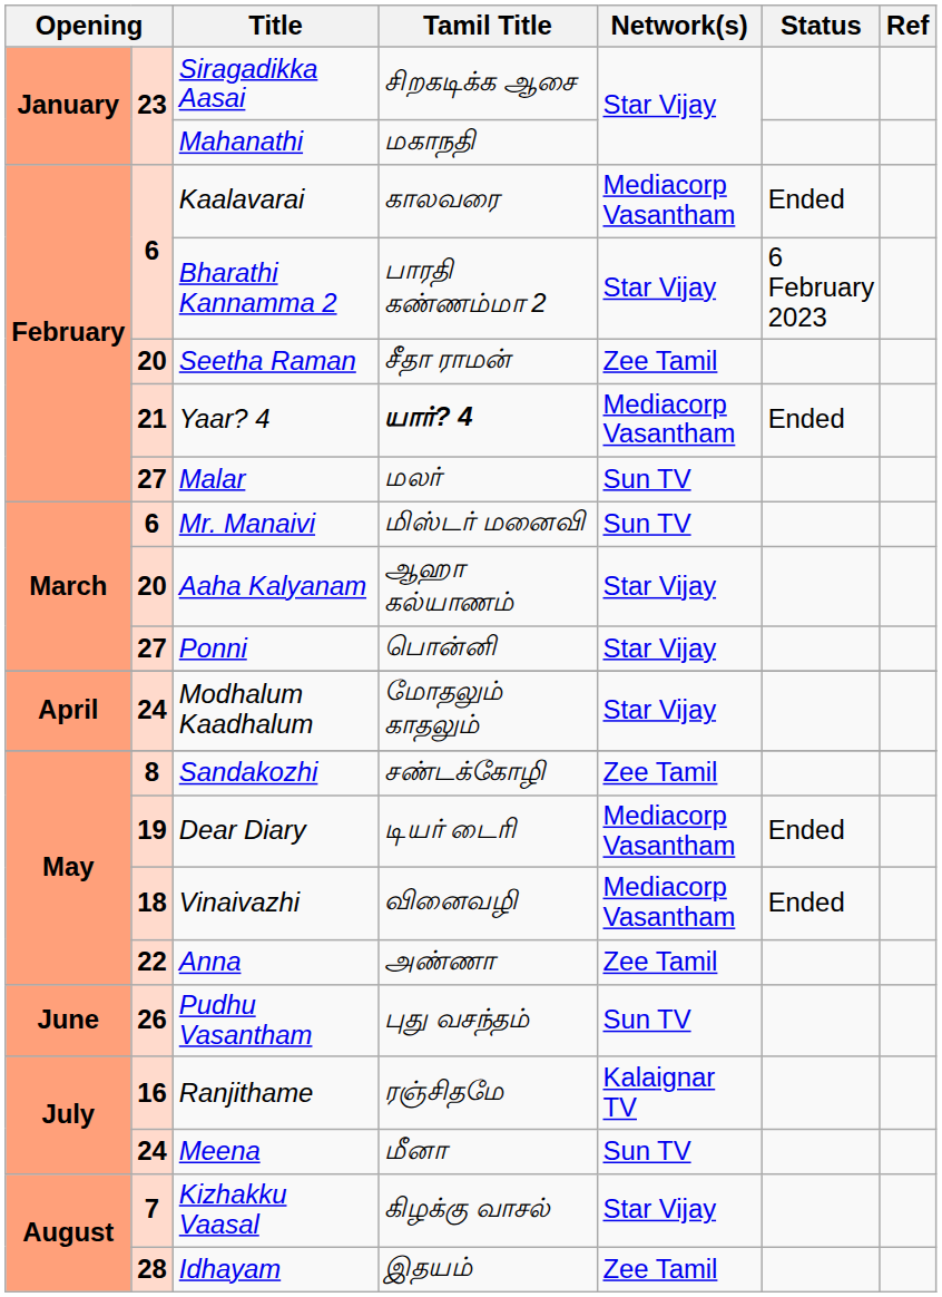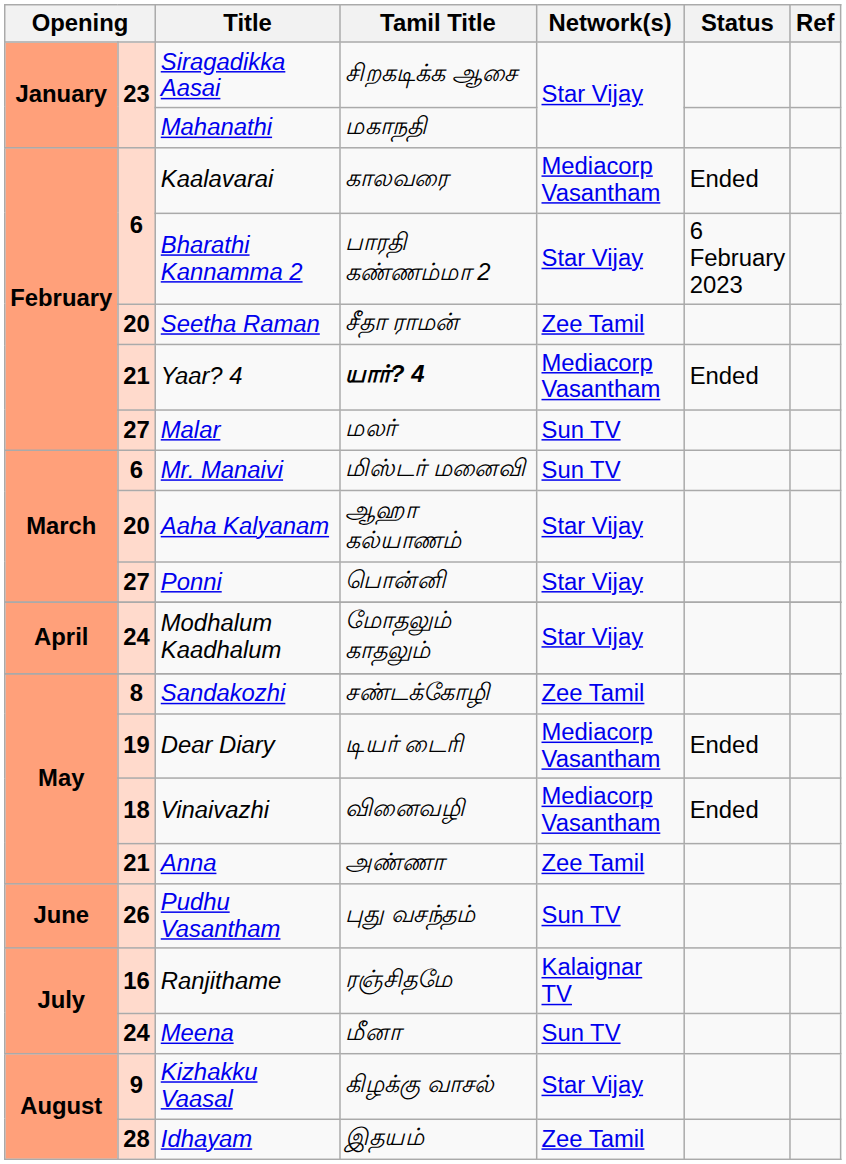 <table class="wikitable" width="90%">
 <tr>
 <th colspan="2">Opening</th>
 <th style="width:30%;">Title</th>
 <th style="width:30%;">Tamil Title</th>
 <th style="width:20%;">Network(s)</th>
 <th style="width:10%;">Status</th>
 <th>Ref</th>
 </tr>
 <tr>
 <td rowspan="2" style="text-align:center;background:#ffa07a;textcolor:#000;"><strong>January</strong></td>
 <td rowspan="2" style="text-align:center; background:#ffdacc;"><strong>23</strong></td>
 <td><em><a href='#'>Siragadikka Aasai</a></em></td>
 <td><em>சிறகடிக்க ஆசை</em></td>
 <td rowspan="2"><a href='#'>Star Vijay</a></td>
 <td></td>
 <td></td>
 </tr>
 <tr>
 <td><em><a href='#'>Mahanathi</a></em></td>
 <td><em>மகாநதி</em></td>
 <td></td>
 <td></td>
 </tr>
 <tr>
 <td rowspan="5" style="text-align:center;background:#ffa07a;textcolor:#000;"><strong>February</strong></td>
 <td rowspan="2" style="text-align:center; background:#ffdacc;"><strong>6</strong></td>
 <td><em>Kaalavarai</em></td>
 <td><em>காலவரை</em></td>
 <td><a href='#'>Mediacorp Vasantham</a></td>
 <td>Ended</td>
 <td></td>
 </tr>
 <tr>
 <td><em><a href='#'>Bharathi Kannamma 2</a></em></td>
 <td><em>பாரதி கண்ணம்மா 2</em></td>
 <td><a href='#'>Star Vijay</a></td>
 <td>6 February 2023</td>
 <td></td>
 </tr>
 <tr>
 <td rowspan="1"  style="text-align:center; background:#ffdacc;"><strong>20</strong></td>
 <td><em><a href='#'>Seetha Raman</a></em></td>
 <td><em>சீதா ராமன்</em></td>
 <td><a href='#'>Zee Tamil</a></td>
 <td></td>
 <td></td>
 </tr>
 <tr>
 <td rowspan="1"  style="text-align:center; background:#ffdacc;"><strong>21</strong></td>
 <td><em>Yaar? 4</em></td>
 <td><strong><em>யார்? 4</em></strong></td>
 <td><a href='#'>Mediacorp Vasantham</a></td>
 <td>Ended</td>
 <td></td>
 </tr>
 <tr>
 <td rowspan="1"  style="text-align:center; background:#ffdacc;"><strong>27</strong></td>
 <td><em><a href='#'>Malar</a></em></td>
 <td><em>மலர்</em></td>
 <td><a href='#'>Sun TV</a></td>
 <td></td>
 <td></td>
 </tr>
 <tr>
 <td rowspan="3" style="text-align:center;background:#ffa07a;textcolor:#000;"><strong>March</strong></td>
 <td rowspan="1"  style="text-align:center; background:#ffdacc;"><strong>6</strong></td>
 <td><em><a href='#'>Mr. Manaivi</a></em></td>
 <td><em>மிஸ்டர் மனைவி</em></td>
 <td><a href='#'>Sun TV</a></td>
 <td></td>
 <td></td>
 </tr>
 <tr>
 <td rowspan="1"  style="text-align:center; background:#ffdacc;"><strong>20</strong></td>
 <td><em><a href='#'>Aaha Kalyanam</a></em></td>
 <td><em>ஆஹா கல்யாணம்</em></td>
 <td><a href='#'>Star Vijay</a></td>
 <td></td>
 <td></td>
 </tr>
 <tr>
 <td rowspan="1"  style="text-align:center; background:#ffdacc;"><strong>27</strong></td>
 <td><em><a href='#'>Ponni</a></em></td>
 <td><em>பொன்னி</em></td>
 <td><a href='#'>Star Vijay</a></td>
 <td></td>
 <td></td>
 </tr>
 <tr>
 </tr>
 <tr>
 <td rowspan="1" style="text-align:center;background:#ffa07a;textcolor:#000;"><strong>April</strong></td>
 <td rowspan="1"  style="text-align:center; background:#ffdacc;"><strong>24</strong></td>
 <td><em>Modhalum Kaadhalum</em></td>
 <td><em>மோதலும் காதலும்</em></td>
 <td><a href='#'>Star Vijay</a></td>
 <td></td>
 <td></td>
 </tr>
 <tr>
 </tr>
 <tr>
 <td rowspan="4" style="text-align:center;background:#ffa07a;textcolor:#000;"><strong>May</strong></td>
 <td style="text-align:center; background:#ffdacc;"><strong>8</strong></td>
 <td><em><a href='#'>Sandakozhi</a></em></td>
 <td><em>சண்டக்கோழி</em></td>
 <td><a href='#'>Zee Tamil</a></td>
 <td></td>
 <td></td>
 </tr>
 <tr>
 <td style="text-align:center; background:#ffdacc;"><strong>19</strong></td>
 <td><em>Dear Diary</em></td>
 <td><em>டியர் டைரி</em></td>
 <td><a href='#'>Mediacorp Vasantham</a></td>
 <td>Ended</td>
 <td></td>
 </tr>
 <tr>
 <td style="text-align:center; background:#ffdacc;"><strong>18</strong></td>
 <td><em>Vinaivazhi</em></td>
 <td><em>வினைவழி</em></td>
 <td><a href='#'>Mediacorp Vasantham</a></td>
 <td>Ended</td>
 <td></td>
 </tr>
 <tr>
-<td style="text-align:center; background:#ffdacc;"><strong>22</strong></td>
+<td style="text-align:center; background:#ffdacc;"><strong>21</strong></td>
 <td><em><a href='#'>Anna</a></em></td>
 <td><em>அண்ணா</em></td>
 <td><a href='#'>Zee Tamil</a></td>
 <td></td>
 <td></td>
 </tr>
 <tr>
 <td rowspan="1" style="text-align:center;background:#ffa07a;textcolor:#000;"><strong>June</strong></td>
 <td rowspan="1" style="text-align:center; background:#ffdacc;"><strong>26</strong></td>
 <td><em><a href='#'>Pudhu Vasantham</a></em></td>
 <td><em>புது வசந்தம்</em></td>
 <td><a href='#'>Sun TV</a></td>
 <td></td>
 <td></td>
 </tr>
 <tr>
 <td rowspan="2" style="text-align:center;background:#ffa07a;textcolor:#000;"><strong>July</strong></td>
 <td style="text-align:center; background:#ffdacc;"><strong>16</strong></td>
 <td><em>Ranjithame</em></td>
 <td><em>ரஞ்சிதமே</em></td>
 <td><a href='#'>Kalaignar TV</a></td>
 <td></td>
 <td></td>
 </tr>
 <tr>
 <td style="text-align:center; background:#ffdacc;"><strong>24</strong></td>
 <td><em><a href='#'>Meena</a></em></td>
 <td><em>மீனா</em></td>
 <td><a href='#'>Sun TV</a></td>
 <td></td>
 <td></td>
 </tr>
 <tr>
 <td rowspan="2" style="text-align:center;background:#ffa07a;textcolor:#000;"><strong>August</strong></td>
-<td rowspan="1" style="text-align:center; background:#ffdacc;"><strong>7</strong></td>
+<td rowspan="1" style="text-align:center; background:#ffdacc;"><strong>9</strong></td>
 <td><em><a href='#'>Kizhakku Vaasal</a></em></td>
 <td><em>கிழக்கு வாசல்</em></td>
 <td><a href='#'>Star Vijay</a></td>
 <td></td>
 <td></td>
 </tr>
 <tr>
 <td rowspan="1" style="text-align:center; background:#ffdacc;"><strong>28</strong></td>
 <td><em><a href='#'>Idhayam</a></em></td>
 <td><em>இதயம்</em></td>
 <td><a href='#'>Zee Tamil</a></td>
 <td></td>
 <td></td>
 </tr>
 <tr>
 </tr>
 </table>
